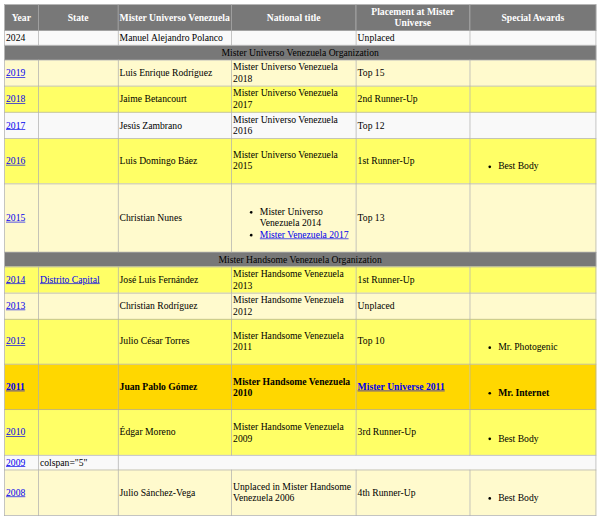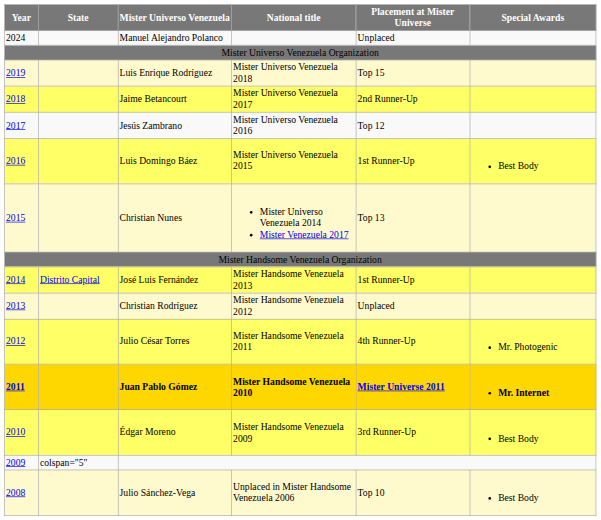 <table class="sortable" border="5" cellpadding="2" cellspacing="0" align=" 0 1em 0 0" style="background: #f9f9f9; border: 1px #aaa solid; border-collapse: collapse; font-size: 90%">
 <tr>
 <th width="60" style="background-color:#787878;color:#FFFFFF;">Year</th>
 <th width="150" style="background-color:#787878;color:#FFFFFF;">State</th>
 <th width="250" style="background-color:#787878;color:#FFFFFF;">Mister Universo Venezuela</th>
 <th width="250" style="background-color:#787878;color:#FFFFFF;">National title</th>
 <th width="250" style="background-color:#787878;color:#FFFFFF;">Placement at Mister Universe</th>
 <th width="250" style="background-color:#787878;color:#FFFFFF;">Special Awards</th>
 </tr>
 <tr>
 <td>2024</td>
 <td></td>
 <td>Manuel Alejandro Polanco</td>
 <td></td>
 <td>Unplaced</td>
 <td></td>
 </tr>
 <tr bgcolor="#787878" align="center">
 <td colspan="6"><span>Mister Universo Venezuela Organization</span></td>
 </tr>
 <tr bgcolor="#FFFACD">
 <td><a href='#'>2019</a></td>
 <td></td>
 <td>Luis Enrique Rodríguez</td>
 <td>Mister Universo Venezuela 2018</td>
 <td>Top 15</td>
 <td></td>
 </tr>
 <tr bgcolor="#FFFF66">
 <td><a href='#'>2018</a></td>
 <td></td>
 <td>Jaime Betancourt</td>
 <td>Mister Universo Venezuela 2017</td>
 <td>2nd Runner-Up</td>
 <td></td>
 </tr>
 <tr>
 <td><a href='#'>2017</a></td>
 <td></td>
 <td>Jesús Zambrano</td>
 <td>Mister Universo Venezuela 2016</td>
 <td>Top 12</td>
 <td></td>
 </tr>
 <tr bgcolor="#FFFF66">
 <td><a href='#'>2016</a></td>
 <td></td>
 <td>Luis Domingo Báez</td>
 <td>Mister Universo Venezuela 2015</td>
 <td>1st Runner-Up</td>
 <td><br><ul><li>Best Body</li></ul></td>
 </tr>
 <tr bgcolor="#FFFACD">
 <td><a href='#'>2015</a></td>
 <td></td>
 <td>Christian Nunes</td>
 <td><br><ul><li>Mister Universo Venezuela 2014</li><li><a href='#'>Mister Venezuela 2017</a></li></ul></td>
 <td>Top 13</td>
 <td></td>
 </tr>
 <tr bgcolor="#787878" align="center">
 <td colspan="6"><span>Mister Handsome Venezuela Organization</span></td>
 </tr>
 <tr bgcolor="#FFFF66">
 <td><a href='#'>2014</a></td>
 <td> <a href='#'>Distrito Capital</a></td>
 <td>José Luis Fernández</td>
 <td>Mister Handsome Venezuela 2013</td>
 <td>1st Runner-Up</td>
 <td></td>
 </tr>
 <tr bgcolor="#FFFACD">
 <td><a href='#'>2013</a></td>
 <td></td>
 <td>Christian Rodríguez</td>
 <td>Mister Handsome Venezuela 2012</td>
 <td>Unplaced</td>
 <td></td>
 </tr>
 <tr bgcolor="#FFFF66">
 <td><a href='#'>2012</a></td>
 <td></td>
 <td>Julio César Torres</td>
 <td>Mister Handsome Venezuela 2011</td>
-<td>Top 10</td>
+<td>4th Runner-Up</td>
 <td><br><ul><li>Mr. Photogenic</li></ul></td>
 </tr>
 <tr style="background-color:gold; font-weight: bold ">
 <td><a href='#'>2011</a></td>
 <td></td>
 <td><strong>Juan Pablo Gómez</strong></td>
 <td>Mister Handsome Venezuela 2010</td>
 <td><strong><a href='#'>Mister Universe 2011</a></strong></td>
 <td><br><ul><li><strong>Mr. Internet</strong></li></ul></td>
 </tr>
 <tr bgcolor="#FFFF66">
 <td><a href='#'>2010</a></td>
 <td></td>
 <td>Édgar Moreno</td>
 <td>Mister Handsome Venezuela 2009</td>
 <td>3rd Runner-Up</td>
 <td><br><ul><li>Best Body</li></ul></td>
 </tr>
 <tr>
 <td><a href='#'>2009</a></td>
 <td>colspan="5" </td>
 </tr>
 <tr bgcolor="#FFFACD">
 <td><a href='#'>2008</a></td>
 <td></td>
 <td>Julio Sánchez-Vega</td>
 <td>Unplaced in Mister Handsome Venezuela 2006</td>
-<td>4th Runner-Up</td>
+<td>Top 10</td>
 <td><br><ul><li>Best Body</li></ul></td>
 </tr>
 </table>
